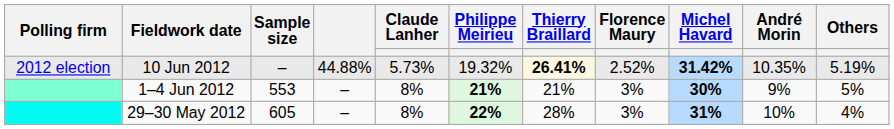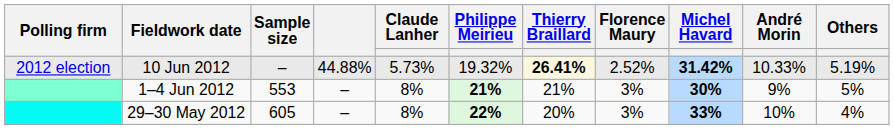 <table class="wikitable sortable" style="text-align:center;font-size:90%;line-height:14px;">
 <tr style="height:40px;">
 <th style="width:100px;" rowspan="2">Polling firm</th>
 <th style="width:110px;" rowspan="2">Fieldwork date</th>
 <th style="width:35px;" rowspan="2">Sample<br>size</th>
 <th style="width:30px;" rowspan="2"></th>
 <th class="unsortable" style="width:60px;">Claude Lanher<br></th>
 <th class="unsortable" style="width:60px;"><a href='#'>Philippe Meirieu</a><br></th>
 <th class="unsortable" style="width:60px;"><a href='#'>Thierry Braillard</a><br></th>
 <th class="unsortable" style="width:60px;">Florence Maury<br></th>
 <th class="unsortable" style="width:60px;"><a href='#'>Michel Havard</a><br></th>
 <th class="unsortable" style="width:60px;">André Morin<br></th>
 <th class="unsortable" style="width:60px;">Others</th>
 </tr>
 <tr>
 <th style="background:"></th>
 <th style="background:"></th>
 <th style="background:"></th>
 <th style="background:"></th>
 <th style="background:"></th>
 <th style="background:"></th>
 <th style="background:"></th>
 </tr>
 <tr style="background:#E9E9E9;">
 <td><a href='#'>2012 election</a></td>
 <td data-sort-value="2012-06-10">10 Jun 2012</td>
 <td>–</td>
 <td>44.88%</td>
 <td>5.73%</td>
 <td>19.32%</td>
 <td style="background:#FDF7E0;"><strong>26.41%</strong></td>
 <td>2.52%</td>
 <td style="background:#B9DAFF;"><strong>31.42%</strong></td>
-<td>10.35%</td>
+<td>10.33%</td>
 <td>5.19%</td>
 </tr>
 <tr>
 <td style="background:aquamarine;"></td>
 <td data-sort-value="2012-06-04">1–4 Jun 2012</td>
 <td>553</td>
 <td>–</td>
 <td>8%</td>
 <td style="background:#DEF7DE;"><strong>21%</strong></td>
 <td>21%</td>
 <td>3%</td>
 <td style="background:#B9DAFF;"><strong>30%</strong></td>
 <td>9%</td>
 <td>5%</td>
 </tr>
 <tr>
 <td style="background:#04FBF4;"></td>
 <td data-sort-value="2012-05-30">29–30 May 2012</td>
 <td>605</td>
 <td>–</td>
 <td>8%</td>
 <td style="background:#DEF7DE;"><strong>22%</strong></td>
-<td>28%</td>
+<td>20%</td>
 <td>3%</td>
-<td style="background:#B9DAFF;"><strong>31%</strong></td>
+<td style="background:#B9DAFF;"><strong>33%</strong></td>
 <td>10%</td>
 <td>4%</td>
 </tr>
 </table>
